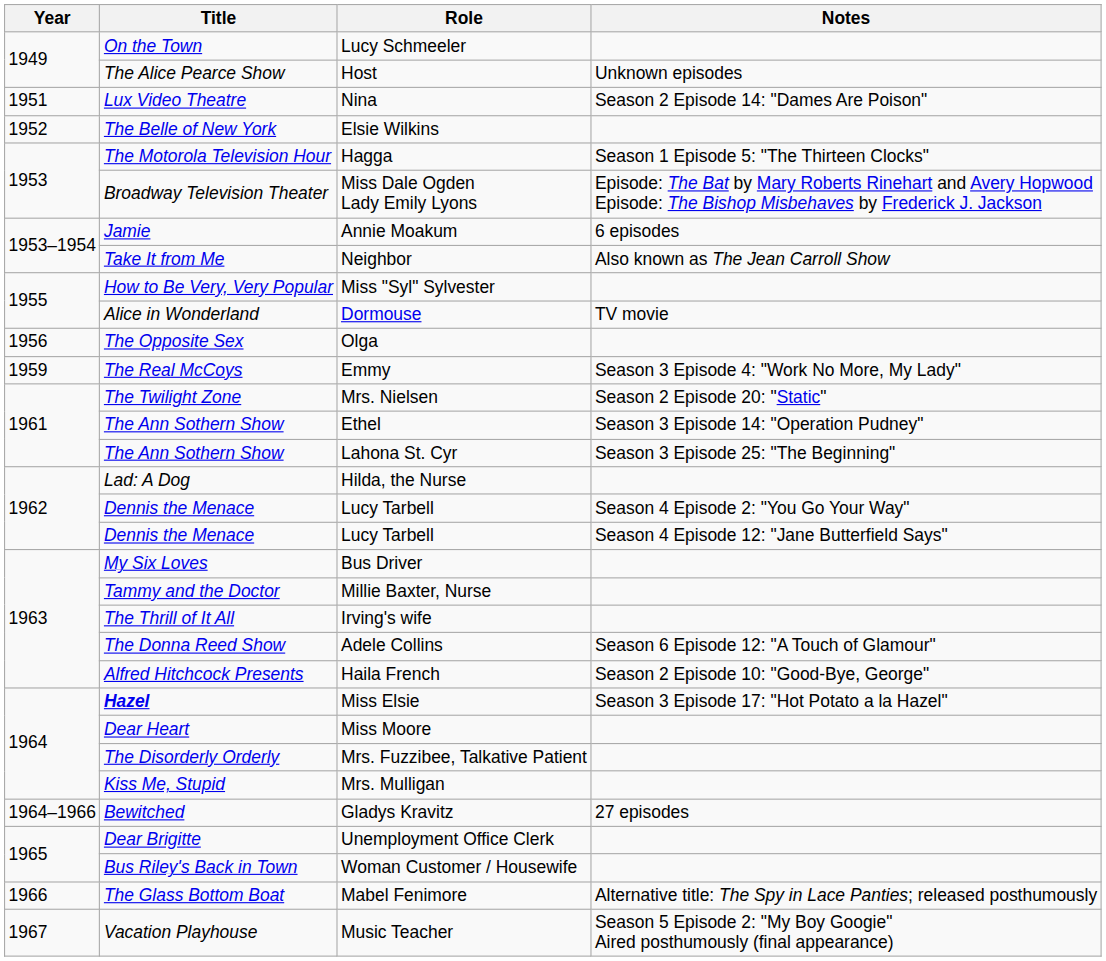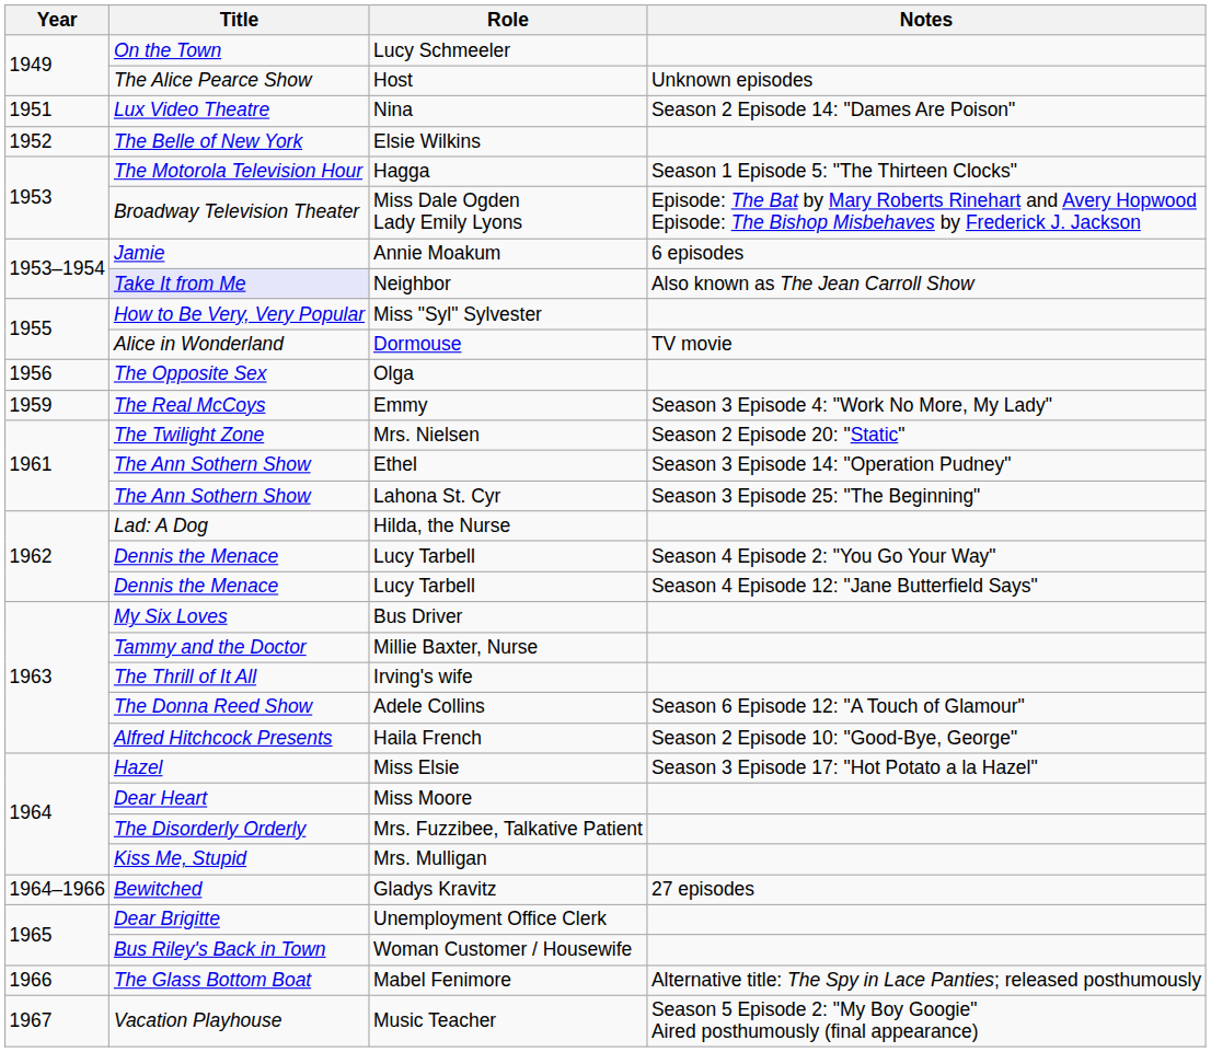 <table class="wikitable sortable">
 <tr>
 <th>Year</th>
 <th>Title</th>
 <th>Role</th>
 <th class="unsortable">Notes</th>
 </tr>
 <tr>
 <td rowspan=2>1949</td>
 <td><em><a href='#'>On the Town</a></em></td>
 <td>Lucy Schmeeler</td>
 <td></td>
 </tr>
 <tr>
 <td><em>The Alice Pearce Show</em></td>
 <td>Host</td>
 <td>Unknown episodes</td>
 </tr>
 <tr>
 <td>1951</td>
 <td><em><a href='#'>Lux Video Theatre</a></em></td>
 <td>Nina</td>
 <td>Season 2 Episode 14: "Dames Are Poison"</td>
 </tr>
 <tr>
 <td>1952</td>
 <td><em><a href='#'>The Belle of New York</a></em></td>
 <td>Elsie Wilkins</td>
 <td></td>
 </tr>
 <tr>
 <td rowspan=2>1953</td>
 <td><em><a href='#'>The Motorola Television Hour</a></em></td>
 <td>Hagga</td>
 <td>Season 1 Episode 5: "The Thirteen Clocks"</td>
 </tr>
 <tr>
 <td><em>Broadway Television Theater</em></td>
 <td>Miss Dale Ogden<br>Lady Emily Lyons</td>
 <td>Episode: <em><a href='#'>The Bat</a></em> by <a href='#'>Mary Roberts Rinehart</a> and <a href='#'>Avery Hopwood</a><br>Episode: <em><a href='#'>The Bishop Misbehaves</a></em> by <a href='#'>Frederick J. Jackson</a></td>
 </tr>
 <tr>
 <td rowspan=2>1953–1954</td>
 <td><em><a href='#'>Jamie</a></em></td>
 <td>Annie Moakum</td>
 <td>6 episodes</td>
 </tr>
 <tr>
-<td><em><a href='#'>Take It from Me</a></em></td>
+<td style="background: lavender;"><em><a href='#'>Take It from Me</a></em></td>
 <td>Neighbor</td>
 <td>Also known as <em>The Jean Carroll Show</em></td>
 </tr>
 <tr>
 <td rowspan=2>1955</td>
 <td><em><a href='#'>How to Be Very, Very Popular</a></em></td>
 <td>Miss "Syl" Sylvester</td>
 <td></td>
 </tr>
 <tr>
 <td><em>Alice in Wonderland</em></td>
 <td><a href='#'>Dormouse</a></td>
 <td>TV movie</td>
 </tr>
 <tr>
 <td>1956</td>
 <td><em><a href='#'>The Opposite Sex</a></em></td>
 <td>Olga</td>
 <td></td>
 </tr>
 <tr>
 <td>1959</td>
 <td><em><a href='#'>The Real McCoys</a></em></td>
 <td>Emmy</td>
 <td>Season 3 Episode 4: "Work No More, My Lady"</td>
 </tr>
 <tr>
 <td rowspan=3>1961</td>
 <td><em><a href='#'>The Twilight Zone</a></em></td>
 <td>Mrs. Nielsen</td>
 <td>Season 2 Episode 20: "<a href='#'>Static</a>"</td>
 </tr>
 <tr>
 <td><em><a href='#'>The Ann Sothern Show</a></em></td>
 <td>Ethel</td>
 <td>Season 3 Episode 14: "Operation Pudney"</td>
 </tr>
 <tr>
 <td><em><a href='#'>The Ann Sothern Show</a></em></td>
 <td>Lahona St. Cyr</td>
 <td>Season 3 Episode 25: "The Beginning"</td>
 </tr>
 <tr>
 <td rowspan=3>1962</td>
 <td><em>Lad: A Dog</em></td>
 <td>Hilda, the Nurse</td>
 <td></td>
 </tr>
 <tr>
 <td><em><a href='#'>Dennis the Menace</a></em></td>
 <td>Lucy Tarbell</td>
 <td>Season 4 Episode 2: "You Go Your Way"</td>
 </tr>
 <tr>
 <td><em><a href='#'>Dennis the Menace</a></em></td>
 <td>Lucy Tarbell</td>
 <td>Season 4 Episode 12: "Jane Butterfield Says"</td>
 </tr>
 <tr>
 <td rowspan=5>1963</td>
 <td><em><a href='#'>My Six Loves</a></em></td>
 <td>Bus Driver</td>
 <td></td>
 </tr>
 <tr>
 <td><em><a href='#'>Tammy and the Doctor</a></em></td>
 <td>Millie Baxter, Nurse</td>
 <td></td>
 </tr>
 <tr>
 <td><em><a href='#'>The Thrill of It All</a></em></td>
 <td>Irving's wife</td>
 <td></td>
 </tr>
 <tr>
 <td><em><a href='#'>The Donna Reed Show</a></em></td>
 <td>Adele Collins</td>
 <td>Season 6 Episode 12: "A Touch of Glamour"</td>
 </tr>
 <tr>
 <td><em><a href='#'>Alfred Hitchcock Presents</a></em></td>
 <td>Haila French</td>
 <td>Season 2 Episode 10: "Good-Bye, George"</td>
 </tr>
 <tr>
 <td rowspan=4>1964</td>
-<td><strong><em><a href='#'>Hazel</a></em></strong></td>
+<td><em><a href='#'>Hazel</a></em></td>
 <td>Miss Elsie</td>
 <td>Season 3 Episode 17: "Hot Potato a la Hazel"</td>
 </tr>
 <tr>
 <td><em><a href='#'>Dear Heart</a></em></td>
 <td>Miss Moore</td>
 <td></td>
 </tr>
 <tr>
 <td><em><a href='#'>The Disorderly Orderly</a></em></td>
 <td>Mrs. Fuzzibee, Talkative Patient</td>
 <td></td>
 </tr>
 <tr>
 <td><em><a href='#'>Kiss Me, Stupid</a></em></td>
 <td>Mrs. Mulligan</td>
 <td></td>
 </tr>
 <tr>
 <td>1964–1966</td>
 <td><em><a href='#'>Bewitched</a></em></td>
 <td>Gladys Kravitz</td>
 <td>27 episodes</td>
 </tr>
 <tr>
 <td rowspan=2>1965</td>
 <td><em><a href='#'>Dear Brigitte</a></em></td>
 <td>Unemployment Office Clerk</td>
 <td></td>
 </tr>
 <tr>
 <td><em><a href='#'>Bus Riley's Back in Town</a></em></td>
 <td>Woman Customer / Housewife</td>
 <td></td>
 </tr>
 <tr>
 <td>1966</td>
 <td><em><a href='#'>The Glass Bottom Boat</a></em></td>
 <td>Mabel Fenimore</td>
 <td>Alternative title: <em>The Spy in Lace Panties</em>; released posthumously</td>
 </tr>
 <tr>
 <td>1967</td>
 <td><em>Vacation Playhouse</em></td>
 <td>Music Teacher</td>
 <td>Season 5 Episode 2: "My Boy Googie"<br>Aired posthumously (final appearance)</td>
 </tr>
 </table>
